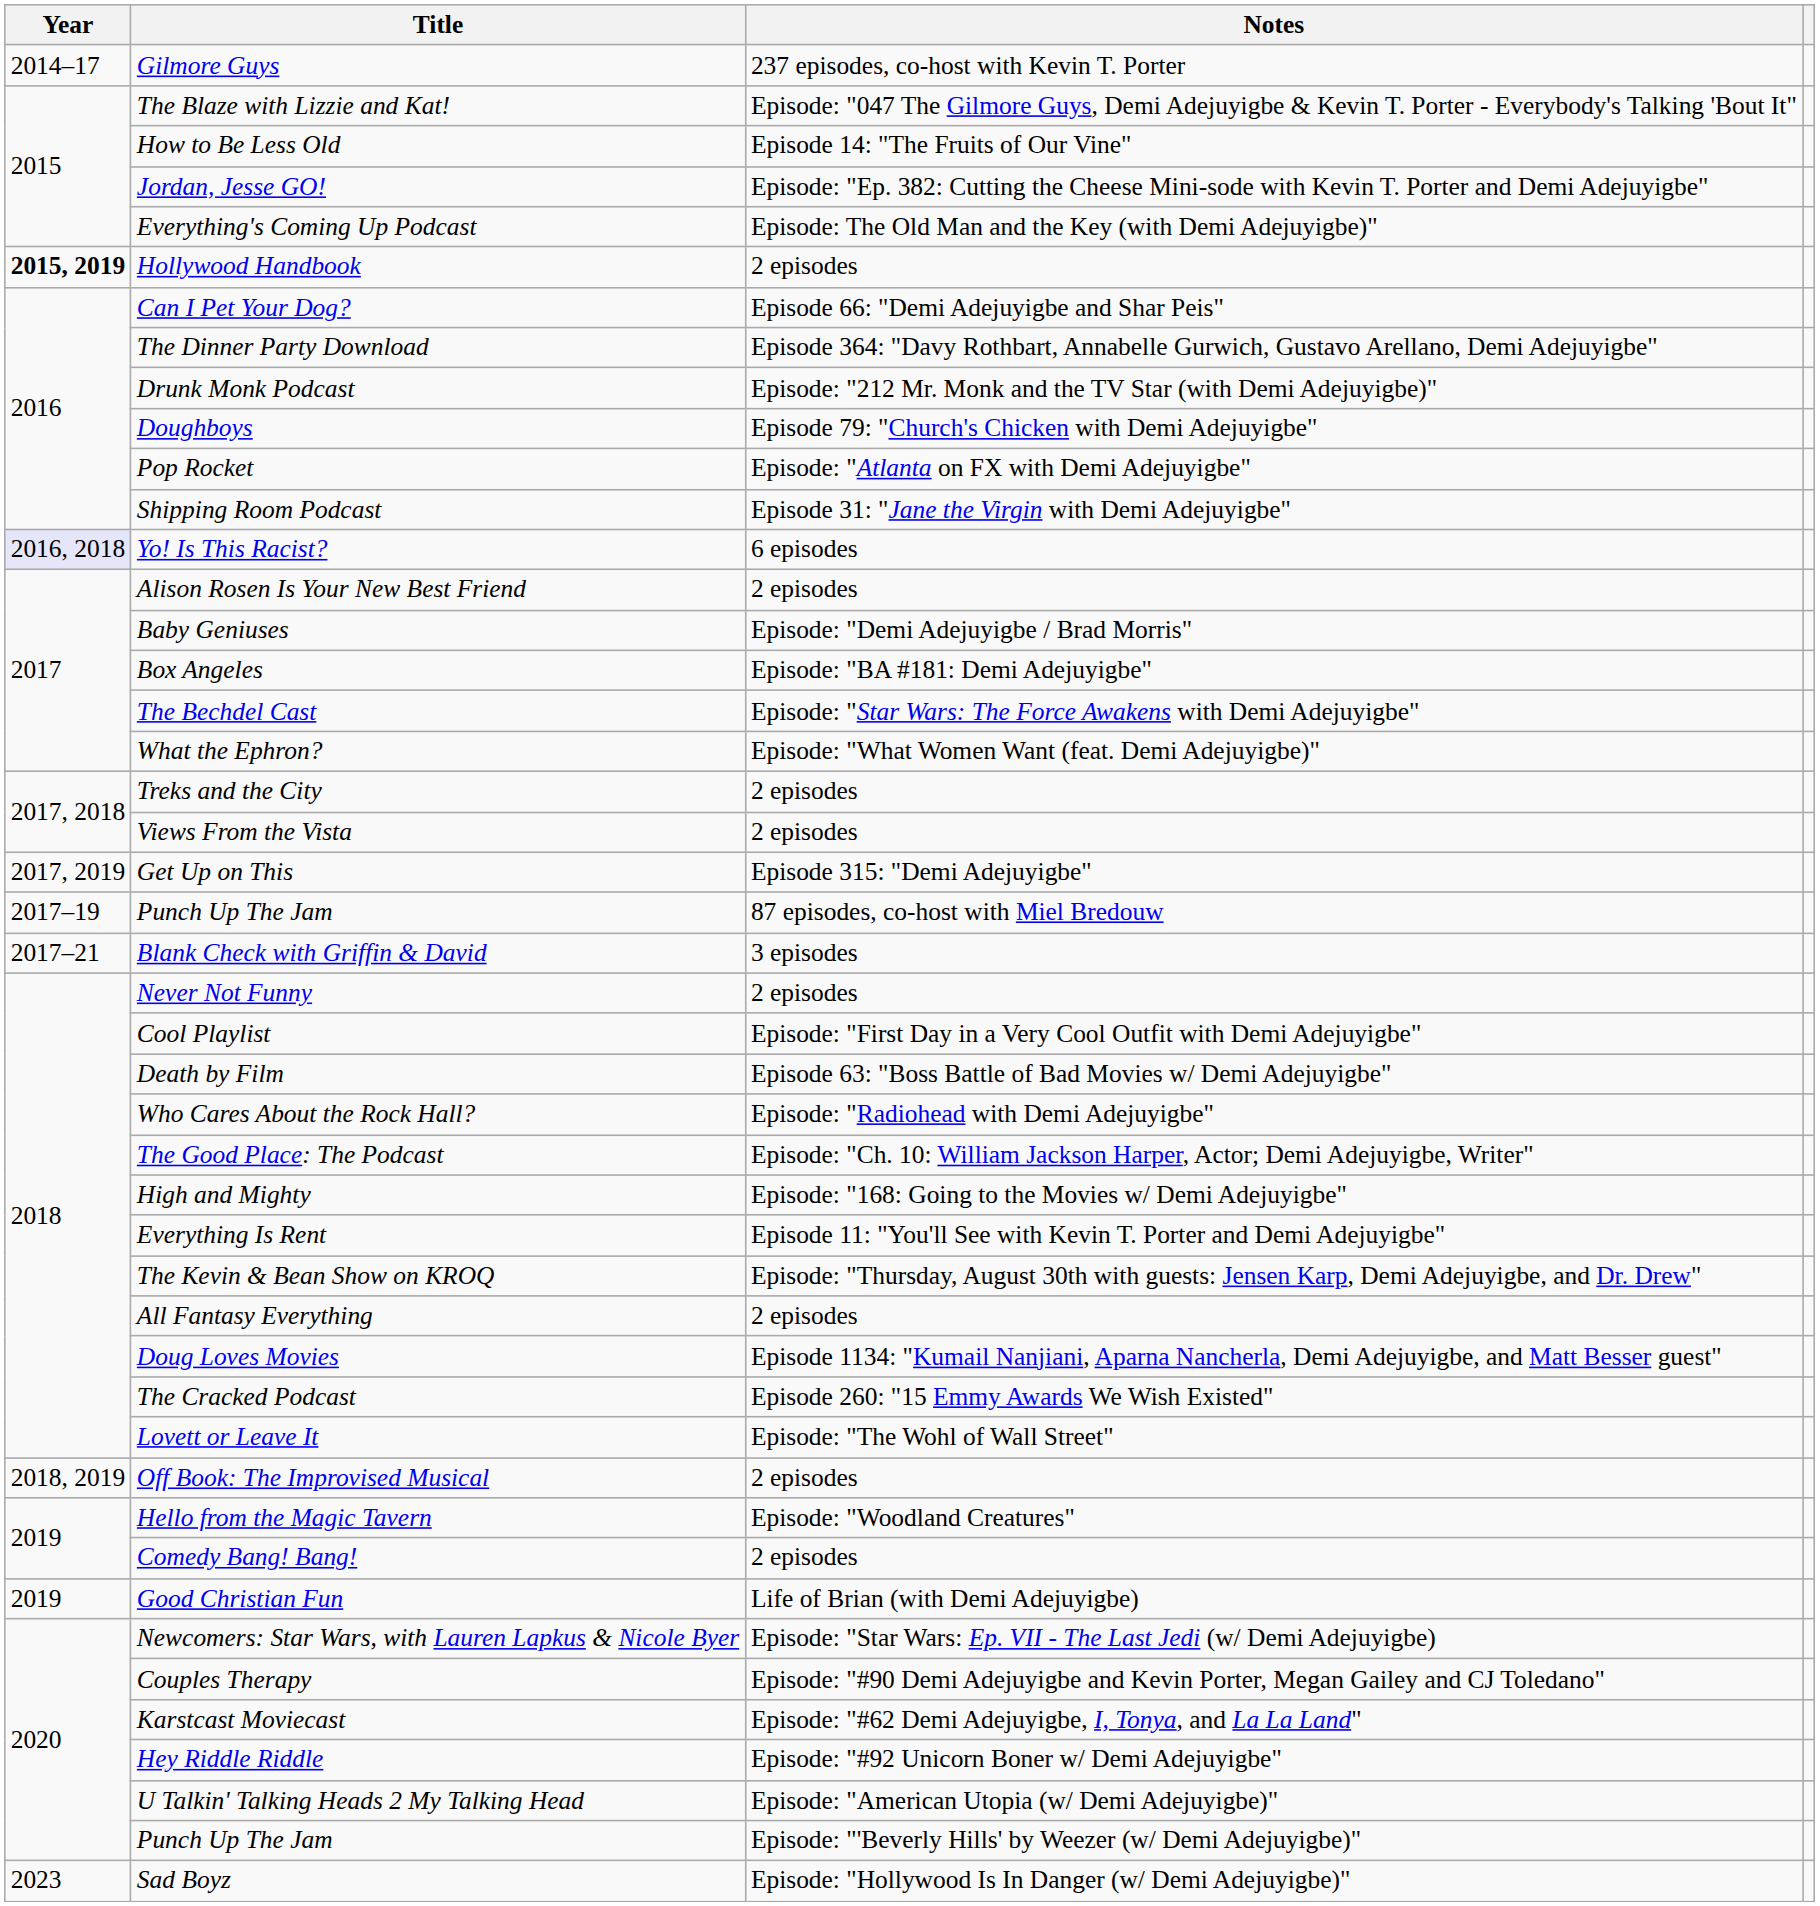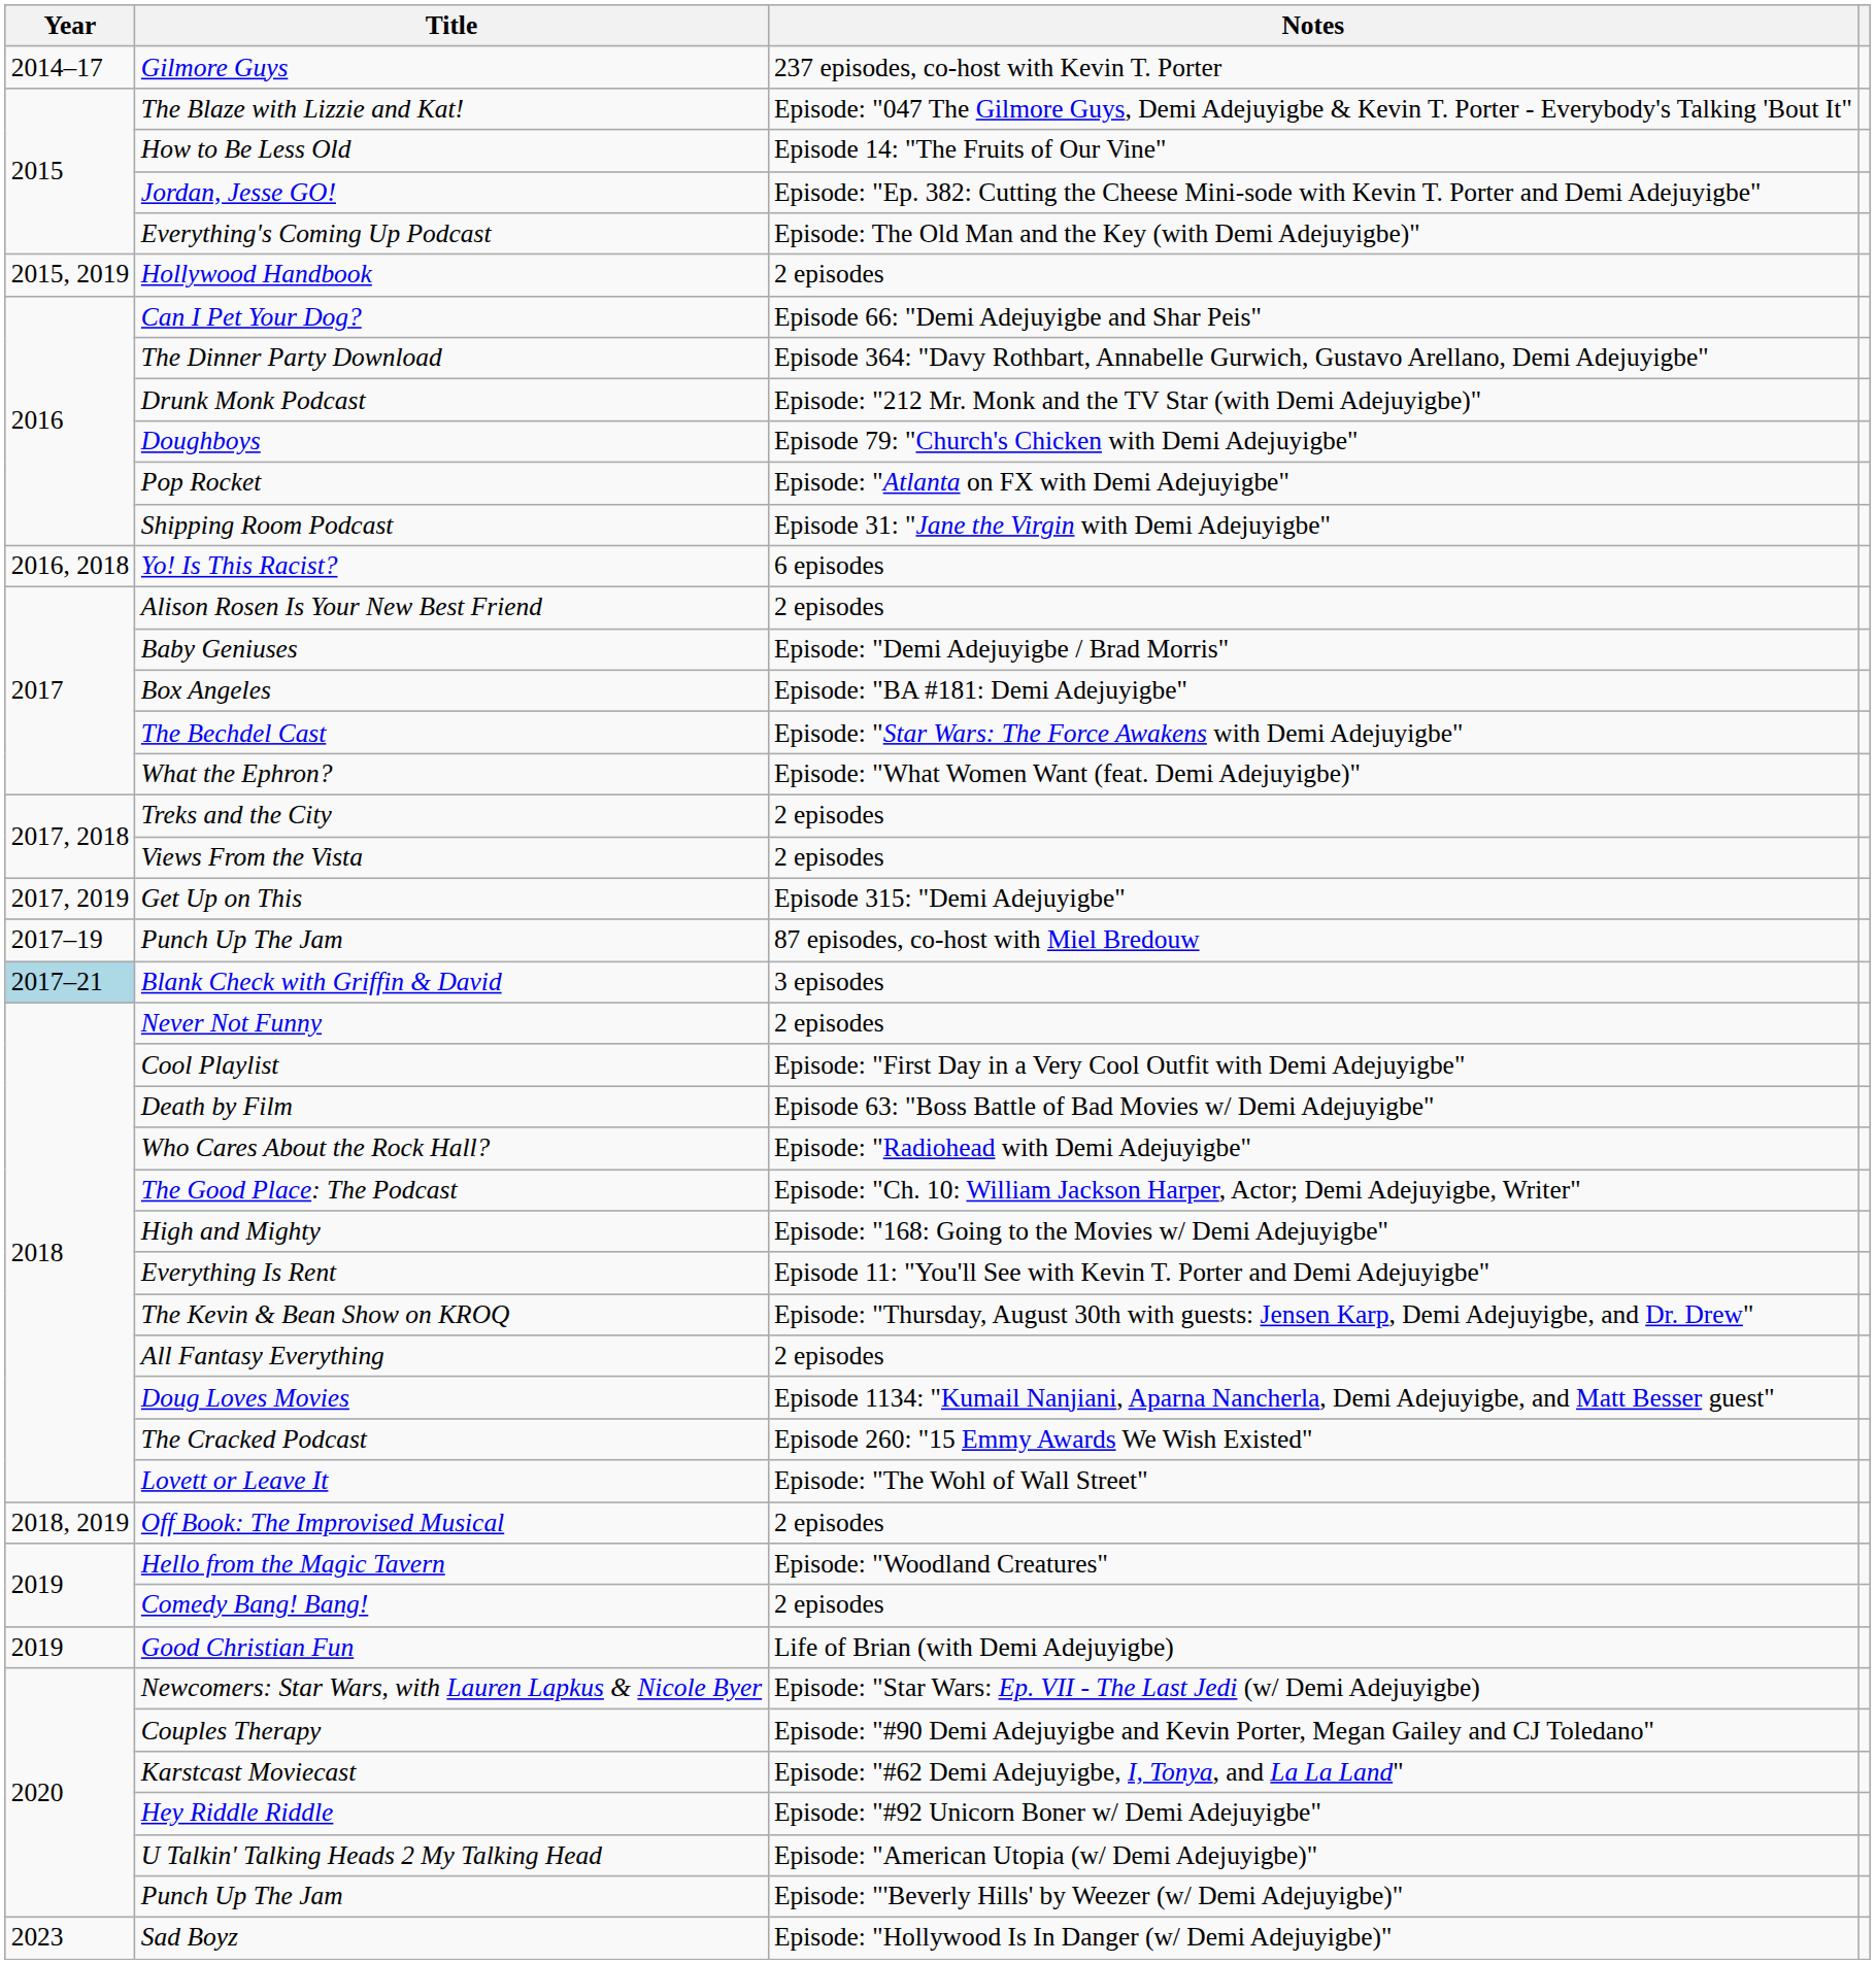 <table class="wikitable sortable">
 <tr>
 <th>Year</th>
 <th>Title</th>
 <th>Notes</th>
 <th></th>
 </tr>
 <tr>
 <td>2014–17</td>
 <td><em><a href='#'>Gilmore Guys</a></em></td>
 <td>237 episodes, co-host with Kevin T. Porter</td>
 <td></td>
 </tr>
 <tr>
 <td rowspan=4>2015</td>
 <td><em>The Blaze with Lizzie and Kat!</em></td>
 <td>Episode: "047 The <a href='#'>Gilmore Guys</a>, Demi Adejuyigbe & Kevin T. Porter - Everybody's Talking 'Bout It"</td>
 <td></td>
 </tr>
 <tr>
 <td><em>How to Be Less Old</em></td>
 <td>Episode 14: "The Fruits of Our Vine"</td>
 <td></td>
 </tr>
 <tr>
 <td><em><a href='#'>Jordan, Jesse GO!</a></em></td>
 <td>Episode: "Ep. 382: Cutting the Cheese Mini-sode with Kevin T. Porter and Demi Adejuyigbe"</td>
 <td></td>
 </tr>
 <tr>
 <td><em>Everything's Coming Up Podcast</em></td>
 <td>Episode: The Old Man and the Key (with Demi Adejuyigbe)"</td>
 <td></td>
 </tr>
 <tr>
-<td><strong>2015, 2019</strong></td>
+<td>2015, 2019</td>
 <td><em><a href='#'>Hollywood Handbook</a></em></td>
 <td>2 episodes</td>
 <td></td>
 </tr>
 <tr>
 <td rowspan=6>2016</td>
 <td><em><a href='#'>Can I Pet Your Dog?</a></em></td>
 <td>Episode 66: "Demi Adejuyigbe and Shar Peis"</td>
 <td></td>
 </tr>
 <tr>
 <td><em>The Dinner Party Download</em></td>
 <td>Episode 364: "Davy Rothbart, Annabelle Gurwich, Gustavo Arellano, Demi Adejuyigbe"</td>
 <td></td>
 </tr>
 <tr>
 <td><em>Drunk Monk Podcast</em></td>
 <td>Episode: "212 Mr. Monk and the TV Star (with Demi Adejuyigbe)"</td>
 <td></td>
 </tr>
 <tr>
 <td><em><a href='#'>Doughboys</a></em></td>
 <td>Episode 79: "<a href='#'>Church's Chicken</a> with Demi Adejuyigbe"</td>
 <td></td>
 </tr>
 <tr>
 <td><em>Pop Rocket</em></td>
 <td>Episode: "<em><a href='#'>Atlanta</a></em> on FX with Demi Adejuyigbe"</td>
 <td></td>
 </tr>
 <tr>
 <td><em>Shipping Room Podcast</em></td>
 <td>Episode 31: "<em><a href='#'>Jane the Virgin</a></em> with Demi Adejuyigbe"</td>
 <td></td>
 </tr>
 <tr>
-<td style="background: lavender;">2016, 2018</td>
+<td>2016, 2018</td>
 <td><em><a href='#'>Yo! Is This Racist?</a></em></td>
 <td>6 episodes</td>
 <td></td>
 </tr>
 <tr>
 <td rowspan=5>2017</td>
 <td><em>Alison Rosen Is Your New Best Friend</em></td>
 <td>2 episodes</td>
 <td></td>
 </tr>
 <tr>
 <td><em>Baby Geniuses</em></td>
 <td>Episode: "Demi Adejuyigbe / Brad Morris"</td>
 <td></td>
 </tr>
 <tr>
 <td><em>Box Angeles</em></td>
 <td>Episode: "BA #181: Demi Adejuyigbe"</td>
 <td></td>
 </tr>
 <tr>
 <td><em><a href='#'>The Bechdel Cast</a></em></td>
 <td>Episode: "<em><a href='#'>Star Wars: The Force Awakens</a></em> with Demi Adejuyigbe"</td>
 <td></td>
 </tr>
 <tr>
 <td><em>What the Ephron?</em></td>
 <td>Episode: "What Women Want (feat. Demi Adejuyigbe)"</td>
 <td></td>
 </tr>
 <tr>
 <td rowspan=2>2017, 2018</td>
 <td><em>Treks and the City</em></td>
 <td>2 episodes</td>
 <td></td>
 </tr>
 <tr>
 <td><em>Views From the Vista</em></td>
 <td>2 episodes</td>
 <td></td>
 </tr>
 <tr>
 <td>2017, 2019</td>
 <td><em>Get Up on This</em></td>
 <td>Episode 315: "Demi Adejuyigbe"</td>
 <td></td>
 </tr>
 <tr>
 <td>2017–19</td>
 <td><em>Punch Up The Jam</em></td>
 <td>87 episodes, co-host with <a href='#'>Miel Bredouw</a></td>
 <td></td>
 </tr>
 <tr>
-<td>2017–21</td>
+<td style="background: lightblue;">2017–21</td>
 <td><em><a href='#'>Blank Check with Griffin & David</a></em></td>
 <td>3 episodes</td>
 <td></td>
 </tr>
 <tr>
 <td rowspan=12>2018</td>
 <td><em><a href='#'>Never Not Funny</a></em></td>
 <td>2 episodes</td>
 <td></td>
 </tr>
 <tr>
 <td><em>Cool Playlist</em></td>
 <td>Episode: "First Day in a Very Cool Outfit with Demi Adejuyigbe"</td>
 <td></td>
 </tr>
 <tr>
 <td><em>Death by Film</em></td>
 <td>Episode 63: "Boss Battle of Bad Movies w/ Demi Adejuyigbe"</td>
 <td></td>
 </tr>
 <tr>
 <td><em>Who Cares About the Rock Hall?</em></td>
 <td>Episode: "<a href='#'>Radiohead</a> with Demi Adejuyigbe"</td>
 <td></td>
 </tr>
 <tr>
 <td><em><a href='#'>The Good Place</a>: The Podcast</em></td>
 <td>Episode: "Ch. 10: <a href='#'>William Jackson Harper</a>, Actor; Demi Adejuyigbe, Writer"</td>
 <td></td>
 </tr>
 <tr>
 <td><em>High and Mighty</em></td>
 <td>Episode: "168: Going to the Movies w/ Demi Adejuyigbe"</td>
 <td></td>
 </tr>
 <tr>
 <td><em>Everything Is Rent</em></td>
 <td>Episode 11: "You'll See with Kevin T. Porter and Demi Adejuyigbe"</td>
 <td></td>
 </tr>
 <tr>
 <td><em>The Kevin & Bean Show on KROQ</em></td>
 <td>Episode: "Thursday, August 30th with guests: <a href='#'>Jensen Karp</a>,  Demi Adejuyigbe, and <a href='#'>Dr. Drew</a>"</td>
 <td></td>
 </tr>
 <tr>
 <td><em>All Fantasy Everything</em></td>
 <td>2 episodes</td>
 <td></td>
 </tr>
 <tr>
 <td><em><a href='#'>Doug Loves Movies</a></em></td>
 <td>Episode 1134: "<a href='#'>Kumail Nanjiani</a>, <a href='#'>Aparna Nancherla</a>, Demi Adejuyigbe, and <a href='#'>Matt Besser</a> guest"</td>
 <td></td>
 </tr>
 <tr>
 <td><em>The Cracked Podcast</em></td>
 <td>Episode 260: "15 <a href='#'>Emmy Awards</a> We Wish Existed"</td>
 <td></td>
 </tr>
 <tr>
 <td><em><a href='#'>Lovett or Leave It</a></em></td>
 <td>Episode: "The Wohl of Wall Street"</td>
 <td></td>
 </tr>
 <tr>
 <td>2018, 2019</td>
 <td><em><a href='#'>Off Book: The Improvised Musical</a></em></td>
 <td>2 episodes</td>
 <td></td>
 </tr>
 <tr>
 <td rowspan="2">2019</td>
 <td><em><a href='#'>Hello from the Magic Tavern</a></em></td>
 <td>Episode: "Woodland Creatures"</td>
 <td></td>
 </tr>
 <tr>
 <td><em><a href='#'>Comedy Bang! Bang!</a></em></td>
 <td>2 episodes</td>
 <td></td>
 </tr>
 <tr>
 <td>2019</td>
 <td><em><a href='#'>Good Christian Fun</a></em></td>
 <td>Life of Brian (with Demi Adejuyigbe)</td>
 <td></td>
 </tr>
 <tr>
 <td rowspan="6">2020</td>
 <td><em>Newcomers: Star Wars, with <a href='#'>Lauren Lapkus</a> & <a href='#'>Nicole Byer</a></em></td>
 <td>Episode: "Star Wars: <em><a href='#'>Ep. VII - The Last Jedi</a></em> (w/ Demi Adejuyigbe)</td>
 <td></td>
 </tr>
 <tr>
 <td><em>Couples Therapy</em></td>
 <td>Episode: "#90 Demi Adejuyigbe and Kevin Porter, Megan Gailey and CJ Toledano"</td>
 <td></td>
 </tr>
 <tr>
 <td><em>Karstcast Moviecast</em></td>
 <td>Episode: "#62 Demi Adejuyigbe, <em><a href='#'>I, Tonya</a></em>, and <em><a href='#'>La La Land</a></em>"</td>
 <td></td>
 </tr>
 <tr>
 <td><em><a href='#'>Hey Riddle Riddle</a></em></td>
 <td>Episode: "#92 Unicorn Boner w/ Demi Adejuyigbe"</td>
 <td></td>
 </tr>
 <tr>
 <td><em>U Talkin' Talking Heads 2 My Talking Head</em></td>
 <td>Episode: "American Utopia (w/ Demi Adejuyigbe)"</td>
 <td></td>
 </tr>
 <tr>
 <td><em>Punch Up The Jam</em></td>
 <td>Episode: "'Beverly Hills' by Weezer (w/ Demi Adejuyigbe)"</td>
 <td></td>
 </tr>
 <tr>
 <td>2023</td>
 <td><em>Sad Boyz</em></td>
 <td>Episode: "Hollywood Is In Danger (w/ Demi Adejuyigbe)"</td>
 <td></td>
 </tr>
 </table>
